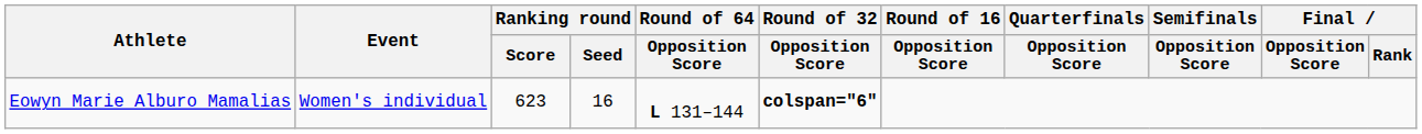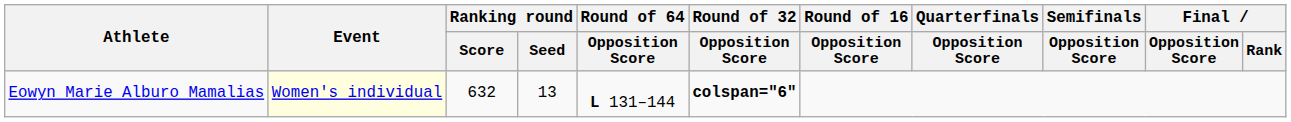 <table class="wikitable" style="font-size:90%">
 <tr>
 <th rowspan="2">Athlete</th>
 <th rowspan="2">Event</th>
 <th colspan="2">Ranking round</th>
 <th>Round of 64</th>
 <th>Round of 32</th>
 <th>Round of 16</th>
 <th>Quarterfinals</th>
 <th>Semifinals</th>
 <th colspan="2">Final / </th>
 </tr>
 <tr style="font-size:95%">
 <th>Score</th>
 <th>Seed</th>
 <th>Opposition<br>Score</th>
 <th>Opposition<br>Score</th>
 <th>Opposition<br>Score</th>
 <th>Opposition<br>Score</th>
 <th>Opposition<br>Score</th>
 <th>Opposition<br>Score</th>
 <th>Rank</th>
 </tr>
 <tr align="center">
 <td align="left"><a href='#'>Eowyn Marie Alburo Mamalias</a></td>
-<td align="left"><a href='#'>Women's individual</a></td>
-<td>623</td>
-<td>16</td>
+<td align="left" style="background: lightyellow;"><a href='#'>Women's individual</a></td>
+<td>632</td>
+<td>13</td>
 <td><br> <strong>L</strong> 131–144</td>
 <td><strong>colspan="6" </strong></td>
 </tr>
 </table>
